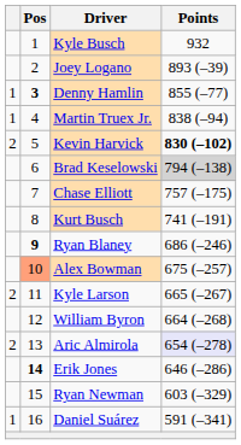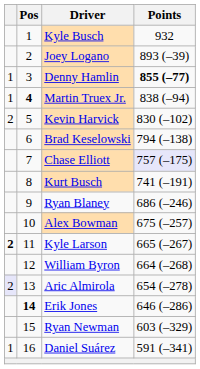 <table class="wikitable" style="font-size: 95%">
 <tr>
 <th></th>
 <th>Pos</th>
 <th>Driver</th>
 <th>Points</th>
 </tr>
 <tr>
 <td align="left"></td>
 <td style="text-align:center;">1</td>
 <td style="background:#FFDEAD;"><a href='#'>Kyle Busch</a></td>
 <td style="text-align:center;">932</td>
 </tr>
 <tr>
 <td align="left"></td>
 <td style="text-align:center;">2</td>
 <td style="background:#FFDEAD;"><a href='#'>Joey Logano</a></td>
 <td style="text-align:center;">893 (–39)</td>
 </tr>
 <tr>
 <td align="left"> 1</td>
-<td style="text-align:center;"><strong>3</strong></td>
+<td style="text-align:center;">3</td>
 <td style="background:#FFDEAD;"><a href='#'>Denny Hamlin</a></td>
-<td style="text-align:center;">855 (–77)</td>
+<td style="text-align:center;"><strong>855 (–77)</strong></td>
 </tr>
 <tr>
 <td align="left"> 1</td>
-<td style="text-align:center;">4</td>
+<td style="text-align:center;"><strong>4</strong></td>
 <td style="background:#FFDEAD;"><a href='#'>Martin Truex Jr.</a></td>
 <td style="text-align:center;">838 (–94)</td>
 </tr>
 <tr>
 <td align="left"> 2</td>
 <td style="text-align:center;">5</td>
 <td style="background:#FFDEAD;"><a href='#'>Kevin Harvick</a></td>
-<td style="text-align:center;"><strong>830 (–102)</strong></td>
+<td style="text-align:center;">830 (–102)</td>
 </tr>
 <tr>
 <td align="left"></td>
 <td style="text-align:center;">6</td>
 <td style="background:#FFDEAD;"><a href='#'>Brad Keselowski</a></td>
-<td style="background: lightgrey; text-align:center;">794 (–138)</td>
+<td style="text-align:center;">794 (–138)</td>
 </tr>
 <tr>
 <td align="left"></td>
 <td style="text-align:center;">7</td>
 <td style="background:#FFDEAD;"><a href='#'>Chase Elliott</a></td>
-<td style="text-align:center;">757 (–175)</td>
+<td style="background: lavender; text-align:center;">757 (–175)</td>
 </tr>
 <tr>
 <td align="left"></td>
 <td style="text-align:center;">8</td>
 <td style="background:#FFDEAD;"><a href='#'>Kurt Busch</a></td>
 <td style="text-align:center;">741 (–191)</td>
 </tr>
 <tr>
 <td align="left"></td>
-<td style="text-align:center;"><strong>9</strong></td>
+<td style="text-align:center;">9</td>
 <td><a href='#'>Ryan Blaney</a></td>
 <td style="text-align:center;">686 (–246)</td>
 </tr>
 <tr>
 <td align="left"></td>
-<td style="background: lightsalmon; text-align:center;">10</td>
+<td style="text-align:center;">10</td>
 <td style="background:#FFDEAD;"><a href='#'>Alex Bowman</a></td>
 <td style="text-align:center;">675 (–257)</td>
 </tr>
 <tr>
-<td align="left"> 2</td>
+<td align="left"><strong> 2</strong></td>
 <td style="text-align:center;">11</td>
 <td><a href='#'>Kyle Larson</a></td>
 <td style="text-align:center;">665 (–267)</td>
 </tr>
 <tr>
 <td align="left"></td>
 <td style="text-align:center;">12</td>
 <td><a href='#'>William Byron</a></td>
 <td style="text-align:center;">664 (–268)</td>
 </tr>
 <tr>
-<td align="left"> 2</td>
+<td align="left" style="background: lavender;"> 2</td>
 <td style="text-align:center;">13</td>
 <td><a href='#'>Aric Almirola</a></td>
-<td style="background: lavender; text-align:center;">654 (–278)</td>
+<td style="text-align:center;">654 (–278)</td>
 </tr>
 <tr>
 <td align="left"></td>
 <td style="text-align:center;"><strong>14</strong></td>
 <td><a href='#'>Erik Jones</a></td>
 <td style="text-align:center;">646 (–286)</td>
 </tr>
 <tr>
 <td align="left"></td>
 <td style="text-align:center;">15</td>
 <td><a href='#'>Ryan Newman</a></td>
 <td style="text-align:center;">603 (–329)</td>
 </tr>
 <tr>
 <td align="left"> 1</td>
 <td style="text-align:center;">16</td>
 <td><a href='#'>Daniel Suárez</a></td>
 <td style="text-align:center;">591 (–341)</td>
 </tr>
 <tr class="sortbottom">
 <th colspan="9"></th>
 </tr>
 </table>
